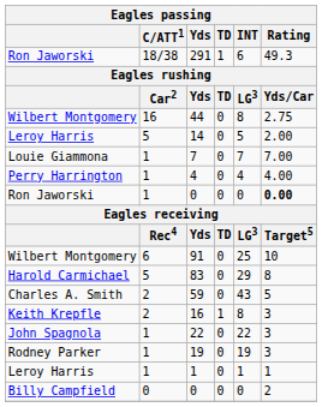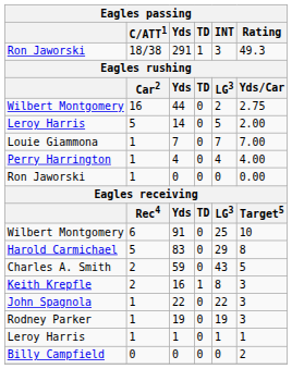 <table class="wikitable">
 <tr>
 <th colspan=6>Eagles passing</th>
 </tr>
 <tr>
 <th></th>
 <th>C/ATT<sup>1</sup></th>
 <th>Yds</th>
 <th>TD</th>
 <th>INT</th>
 <th>Rating</th>
 </tr>
 <tr>
 <td><a href='#'>Ron Jaworski</a></td>
 <td>18/38</td>
 <td>291</td>
 <td>1</td>
-<td>6</td>
+<td>3</td>
 <td>49.3</td>
 </tr>
 <tr>
 <th colspan=6>Eagles rushing</th>
 </tr>
 <tr>
 <th></th>
 <th>Car<sup>2</sup></th>
 <th>Yds</th>
 <th>TD</th>
 <th>LG<sup>3</sup></th>
 <th>Yds/Car</th>
 </tr>
 <tr>
 <td><a href='#'>Wilbert Montgomery</a></td>
 <td>16</td>
 <td>44</td>
 <td>0</td>
-<td>8</td>
+<td>2</td>
 <td>2.75</td>
 </tr>
 <tr>
 <td><a href='#'>Leroy Harris</a></td>
 <td>5</td>
 <td>14</td>
 <td>0</td>
 <td>5</td>
 <td>2.00</td>
 </tr>
 <tr>
 <td>Louie Giammona</td>
 <td>1</td>
 <td>7</td>
 <td>0</td>
 <td>7</td>
 <td>7.00</td>
 </tr>
 <tr>
 <td><a href='#'>Perry Harrington</a></td>
 <td>1</td>
 <td>4</td>
 <td>0</td>
 <td>4</td>
 <td>4.00</td>
 </tr>
 <tr>
 <td>Ron Jaworski</td>
 <td>1</td>
 <td>0</td>
 <td>0</td>
 <td>0</td>
-<td><strong>0.00</strong></td>
+<td>0.00</td>
 </tr>
 <tr>
 <th colspan=6>Eagles receiving</th>
 </tr>
 <tr>
 <th></th>
 <th>Rec<sup>4</sup></th>
 <th>Yds</th>
 <th>TD</th>
 <th>LG<sup>3</sup></th>
 <th>Target<sup>5</sup></th>
 </tr>
 <tr>
 <td>Wilbert Montgomery</td>
 <td>6</td>
 <td>91</td>
 <td>0</td>
 <td>25</td>
 <td>10</td>
 </tr>
 <tr>
 <td><a href='#'>Harold Carmichael</a></td>
 <td>5</td>
 <td>83</td>
 <td>0</td>
 <td>29</td>
 <td>8</td>
 </tr>
 <tr>
 <td>Charles A. Smith</td>
 <td>2</td>
 <td>59</td>
 <td>0</td>
 <td>43</td>
 <td>5</td>
 </tr>
 <tr>
 <td><a href='#'>Keith Krepfle</a></td>
 <td>2</td>
 <td>16</td>
 <td>1</td>
 <td>8</td>
 <td>3</td>
 </tr>
 <tr>
 <td><a href='#'>John Spagnola</a></td>
 <td>1</td>
 <td>22</td>
 <td>0</td>
 <td>22</td>
 <td>3</td>
 </tr>
 <tr>
 <td>Rodney Parker</td>
 <td>1</td>
 <td>19</td>
 <td>0</td>
 <td>19</td>
 <td>3</td>
 </tr>
 <tr>
 <td>Leroy Harris</td>
 <td>1</td>
 <td>1</td>
 <td>0</td>
 <td>1</td>
 <td>1</td>
 </tr>
 <tr>
 <td><a href='#'>Billy Campfield</a></td>
 <td>0</td>
 <td>0</td>
 <td>0</td>
 <td>0</td>
 <td>2</td>
 </tr>
 <tr>
 </tr>
 </table>
